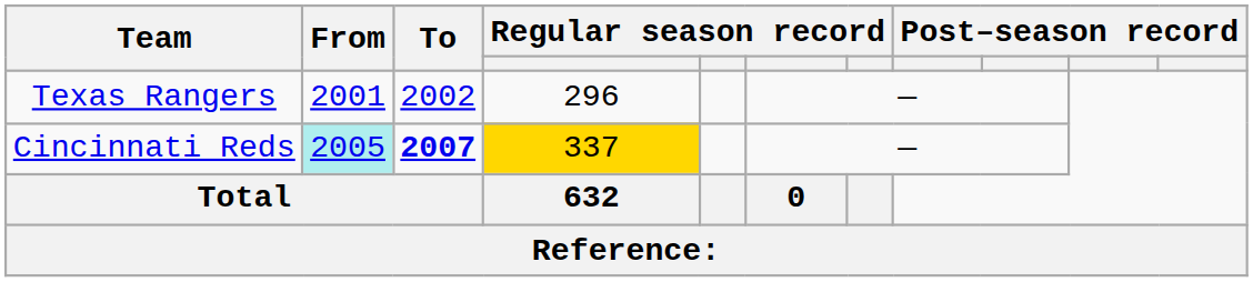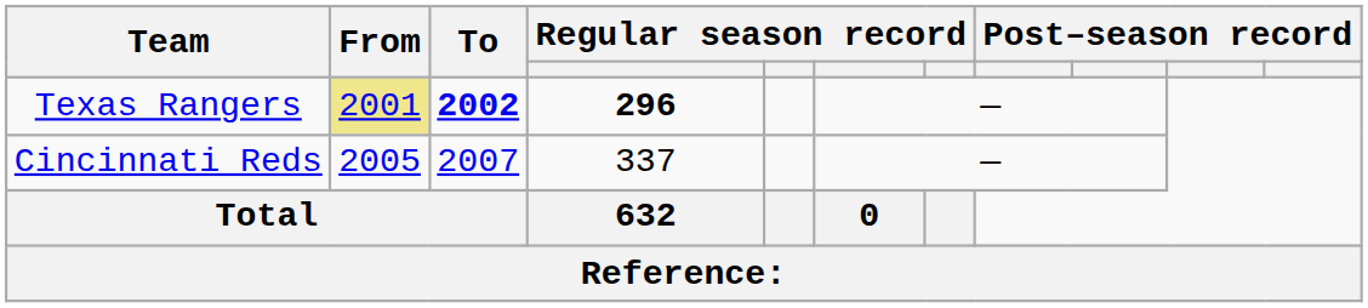 <table class="wikitable" Style="text-align: center">
 <tr>
 <th rowspan="2">Team</th>
 <th rowspan="2">From</th>
 <th rowspan="2">To</th>
 <th colspan="4">Regular season record</th>
 <th colspan="4">Post–season record</th>
 </tr>
 <tr>
 <th></th>
 <th></th>
 <th></th>
 <th></th>
 <th></th>
 <th></th>
 <th></th>
 <th></th>
 </tr>
 <tr>
 <td><a href='#'>Texas Rangers</a></td>
-<td><a href='#'>2001</a></td>
-<td><a href='#'>2002</a></td>
-<td>296</td>
+<td style="background: khaki;"><a href='#'>2001</a></td>
+<td><strong><a href='#'>2002</a></strong></td>
+<td><strong>296</strong></td>
 <td></td>
 <td colspan="4">—</td>
 </tr>
 <tr>
 <td><a href='#'>Cincinnati Reds</a></td>
-<td style="background: paleturquoise;"><a href='#'>2005</a></td>
-<td><strong><a href='#'>2007</a></strong></td>
-<td style="background: gold;">337</td>
+<td><a href='#'>2005</a></td>
+<td><a href='#'>2007</a></td>
+<td>337</td>
 <td></td>
 <td colspan="4">—</td>
 </tr>
 <tr>
 <th colspan="3">Total</th>
 <th>632</th>
 <th></th>
 <th>0</th>
 <th></th>
 </tr>
 <tr>
 <th colspan="11">Reference:</th>
 </tr>
 </table>
